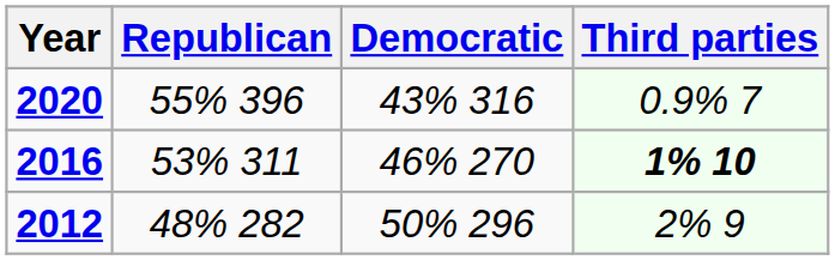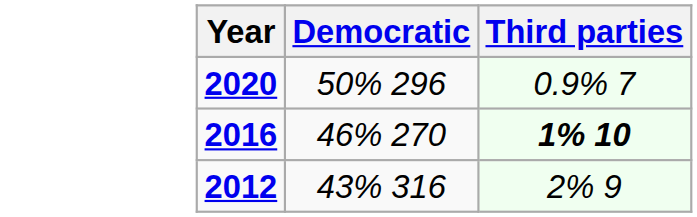 <table class="wikitable" style="float:right; font-size:95%;">
 <tr bgcolor=lightgrey>
 <th>Year</th>
-<th><a href='#'>Republican</a></th>
 <th><a href='#'>Democratic</a></th>
 <th><a href='#'>Third parties</a></th>
 </tr>
 <tr>
 <td style="text-align:center; "><strong><a href='#'>2020</a></strong></td>
-<td style="text-align:center; "><em>55%</em> <em>396</em></td>
-<td style="text-align:center; "><em>43%</em> <em>316</em></td>
+<td style="text-align:center; "><em>50%</em> <em>296</em></td>
 <td style="text-align:center; background:honeyDew;"><em>0.9%</em> <em>7</em></td>
 </tr>
 <tr>
 <td style="text-align:center; "><strong><a href='#'>2016</a></strong></td>
-<td style="text-align:center; "><em>53%</em> <em>311</em></td>
 <td style="text-align:center; "><em>46%</em> <em>270</em></td>
 <td style="text-align:center; background:honeyDew;"><strong><em>1%</em> <em>10</em></strong></td>
 </tr>
 <tr>
 <td style="text-align:center; "><strong><a href='#'>2012</a></strong></td>
-<td style="text-align:center; "><em>48%</em> <em>282</em></td>
-<td style="text-align:center; "><em>50%</em> <em>296</em></td>
+<td style="text-align:center; "><em>43%</em> <em>316</em></td>
 <td style="text-align:center; background:honeyDew;"><em>2%</em> <em>9</em></td>
 </tr>
 </table>
